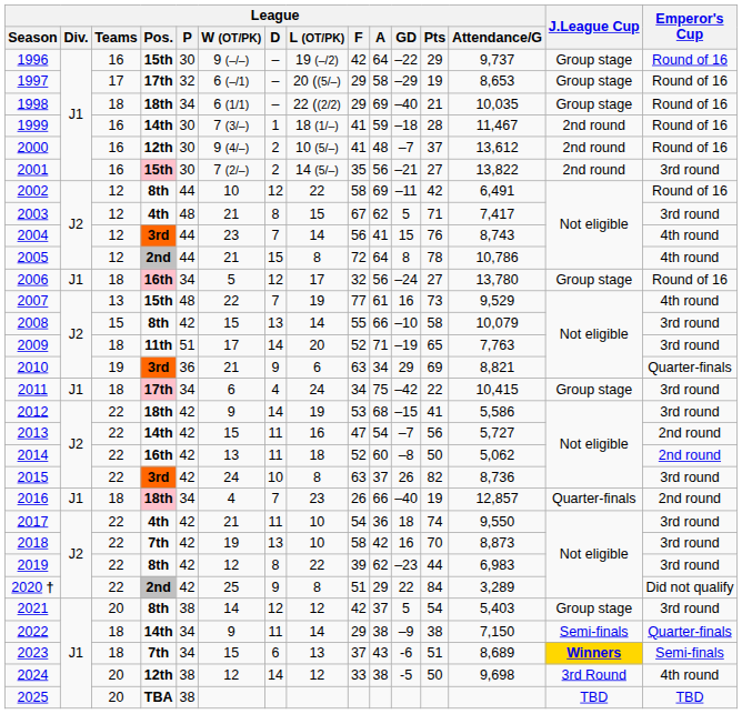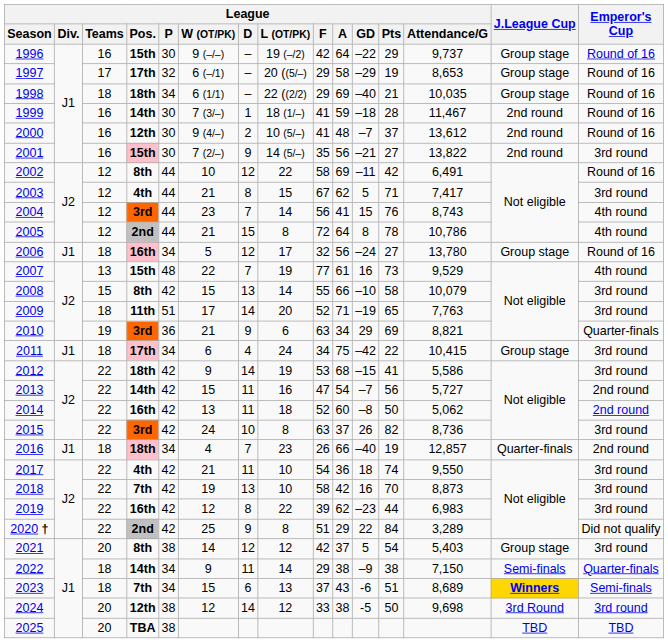 <table class="wikitable" style="text-align:center">
 <tr>
 <th colspan="13">League</th>
 <th rowspan="2"><a href='#'>J.League Cup</a></th>
 <th rowspan="2"><a href='#'>Emperor's<br>Cup</a></th>
 </tr>
 <tr>
 <th>Season</th>
 <th>Div.</th>
 <th>Teams</th>
 <th>Pos.</th>
 <th>P</th>
 <th>W <small>(OT/PK)</small></th>
 <th>D</th>
 <th>L <small>(OT/PK)</small></th>
 <th>F</th>
 <th>A</th>
 <th>GD</th>
 <th>Pts</th>
 <th>Attendance/G</th>
 </tr>
 <tr>
 <td><a href='#'>1996</a></td>
 <td rowspan="6">J1</td>
 <td>16</td>
 <td><strong>15th</strong></td>
 <td>30</td>
 <td>9 <small>(–/–)</small></td>
 <td>–</td>
 <td>19 <small>(–/2)</small></td>
 <td>42</td>
 <td>64</td>
 <td>–22</td>
 <td>29</td>
 <td>9,737</td>
 <td>Group stage</td>
 <td><a href='#'>Round of 16</a></td>
 </tr>
 <tr>
 <td><a href='#'>1997</a></td>
 <td>17</td>
 <td><strong>17th</strong></td>
 <td>32</td>
 <td>6 <small>(–/1)</small></td>
 <td>–</td>
 <td>20 (<small>(5/–)</small></td>
 <td>29</td>
 <td>58</td>
 <td>–29</td>
 <td>19</td>
 <td>8,653</td>
 <td>Group stage</td>
 <td>Round of 16</td>
 </tr>
 <tr>
 <td><a href='#'>1998</a></td>
 <td>18</td>
 <td><strong>18th</strong></td>
 <td>34</td>
 <td>6 <small>(1/1)</small></td>
 <td>–</td>
 <td>22 (<small>(2/2)</small></td>
 <td>29</td>
 <td>69</td>
 <td>–40</td>
 <td>21</td>
 <td>10,035</td>
 <td>Group stage</td>
 <td>Round of 16</td>
 </tr>
 <tr>
 <td><a href='#'>1999</a></td>
 <td>16</td>
 <td><strong>14th</strong></td>
 <td>30</td>
 <td>7 <small>(3/–)</small></td>
 <td>1</td>
 <td>18 <small>(1/–)</small></td>
 <td>41</td>
 <td>59</td>
 <td>–18</td>
 <td>28</td>
 <td>11,467</td>
 <td>2nd round</td>
 <td>Round of 16</td>
 </tr>
 <tr>
 <td><a href='#'>2000</a></td>
 <td>16</td>
 <td><strong>12th</strong></td>
 <td>30</td>
 <td>9 <small>(4/–)</small></td>
 <td>2</td>
 <td>10 <small>(5/–)</small></td>
 <td>41</td>
 <td>48</td>
 <td>–7</td>
 <td>37</td>
 <td>13,612</td>
 <td>2nd round</td>
 <td>Round of 16</td>
 </tr>
 <tr>
 <td><a href='#'>2001</a></td>
 <td>16</td>
 <td bgcolor=pink><strong>15th</strong></td>
 <td>30</td>
 <td>7 <small>(2/–)</small></td>
-<td>2</td>
+<td>9</td>
 <td>14 <small>(5/–)</small></td>
 <td>35</td>
 <td>56</td>
 <td>–21</td>
 <td>27</td>
 <td>13,822</td>
 <td>2nd round</td>
 <td>3rd round</td>
 </tr>
 <tr>
 <td><a href='#'>2002</a></td>
 <td rowspan="4">J2</td>
 <td>12</td>
 <td><strong>8th</strong></td>
 <td>44</td>
 <td>10</td>
 <td>12</td>
 <td>22</td>
 <td>58</td>
 <td>69</td>
 <td>–11</td>
 <td>42</td>
 <td>6,491</td>
 <td rowspan="4">Not eligible</td>
 <td>Round of 16</td>
 </tr>
 <tr>
 <td><a href='#'>2003</a></td>
 <td>12</td>
 <td><strong>4th</strong></td>
-<td>48</td>
+<td>44</td>
 <td>21</td>
 <td>8</td>
 <td>15</td>
 <td>67</td>
 <td>62</td>
 <td>5</td>
 <td>71</td>
 <td>7,417</td>
 <td>3rd round</td>
 </tr>
 <tr>
 <td><a href='#'>2004</a></td>
 <td>12</td>
 <td bgcolor=ff6600><strong>3rd</strong></td>
 <td>44</td>
 <td>23</td>
 <td>7</td>
 <td>14</td>
 <td>56</td>
 <td>41</td>
 <td>15</td>
 <td>76</td>
 <td>8,743</td>
 <td>4th round</td>
 </tr>
 <tr>
 <td><a href='#'>2005</a></td>
 <td>12</td>
 <td bgcolor=silver><strong>2nd</strong></td>
 <td>44</td>
 <td>21</td>
 <td>15</td>
 <td>8</td>
 <td>72</td>
 <td>64</td>
 <td>8</td>
 <td>78</td>
 <td>10,786</td>
 <td>4th round</td>
 </tr>
 <tr>
 <td><a href='#'>2006</a></td>
 <td>J1</td>
 <td>18</td>
 <td bgcolor=pink><strong>16th</strong></td>
 <td>34</td>
 <td>5</td>
 <td>12</td>
 <td>17</td>
 <td>32</td>
 <td>56</td>
 <td>–24</td>
 <td>27</td>
 <td>13,780</td>
 <td>Group stage</td>
 <td>Round of 16</td>
 </tr>
 <tr>
 <td><a href='#'>2007</a></td>
 <td rowspan="4">J2</td>
 <td>13</td>
 <td><strong>15th</strong></td>
 <td>48</td>
 <td>22</td>
 <td>7</td>
 <td>19</td>
 <td>77</td>
 <td>61</td>
 <td>16</td>
 <td>73</td>
 <td>9,529</td>
 <td rowspan="4">Not eligible</td>
 <td>4th round</td>
 </tr>
 <tr>
 <td><a href='#'>2008</a></td>
 <td>15</td>
 <td><strong>8th</strong></td>
 <td>42</td>
 <td>15</td>
 <td>13</td>
 <td>14</td>
 <td>55</td>
 <td>66</td>
 <td>–10</td>
 <td>58</td>
 <td>10,079</td>
 <td>3rd round</td>
 </tr>
 <tr>
 <td><a href='#'>2009</a></td>
 <td>18</td>
 <td><strong>11th</strong></td>
 <td>51</td>
 <td>17</td>
 <td>14</td>
 <td>20</td>
 <td>52</td>
 <td>71</td>
 <td>–19</td>
 <td>65</td>
 <td>7,763</td>
 <td>3rd round</td>
 </tr>
 <tr>
 <td><a href='#'>2010</a></td>
 <td>19</td>
 <td bgcolor=ff6600><strong>3rd</strong></td>
 <td>36</td>
 <td>21</td>
 <td>9</td>
 <td>6</td>
 <td>63</td>
 <td>34</td>
 <td>29</td>
 <td>69</td>
 <td>8,821</td>
 <td>Quarter-finals</td>
 </tr>
 <tr>
 <td><a href='#'>2011</a></td>
 <td>J1</td>
 <td>18</td>
 <td bgcolor=pink><strong>17th</strong></td>
 <td>34</td>
 <td>6</td>
 <td>4</td>
 <td>24</td>
 <td>34</td>
 <td>75</td>
 <td>–42</td>
 <td>22</td>
 <td>10,415</td>
 <td>Group stage</td>
 <td>3rd round</td>
 </tr>
 <tr>
 <td><a href='#'>2012</a></td>
 <td rowspan="4">J2</td>
 <td>22</td>
 <td><strong>18th</strong></td>
 <td>42</td>
 <td>9</td>
 <td>14</td>
 <td>19</td>
 <td>53</td>
 <td>68</td>
 <td>–15</td>
 <td>41</td>
 <td>5,586</td>
 <td rowspan="4">Not eligible</td>
 <td>3rd round</td>
 </tr>
 <tr>
 <td><a href='#'>2013</a></td>
 <td>22</td>
 <td><strong>14th</strong></td>
 <td>42</td>
 <td>15</td>
 <td>11</td>
 <td>16</td>
 <td>47</td>
 <td>54</td>
 <td>–7</td>
 <td>56</td>
 <td>5,727</td>
 <td>2nd round</td>
 </tr>
 <tr>
 <td><a href='#'>2014</a></td>
 <td>22</td>
 <td><strong>16th</strong></td>
 <td>42</td>
 <td>13</td>
 <td>11</td>
 <td>18</td>
 <td>52</td>
 <td>60</td>
 <td>–8</td>
 <td>50</td>
 <td>5,062</td>
 <td><a href='#'>2nd round</a></td>
 </tr>
 <tr>
 <td><a href='#'>2015</a></td>
 <td>22</td>
 <td bgcolor=ff6600><strong>3rd</strong></td>
 <td>42</td>
 <td>24</td>
 <td>10</td>
 <td>8</td>
 <td>63</td>
 <td>37</td>
 <td>26</td>
 <td>82</td>
 <td>8,736</td>
 <td>3rd round</td>
 </tr>
 <tr>
 <td><a href='#'>2016</a></td>
 <td>J1</td>
 <td>18</td>
 <td bgcolor=pink><strong>18th</strong></td>
 <td>34</td>
 <td>4</td>
 <td>7</td>
 <td>23</td>
 <td>26</td>
 <td>66</td>
 <td>–40</td>
 <td>19</td>
 <td>12,857</td>
 <td>Quarter-finals</td>
 <td>2nd round</td>
 </tr>
 <tr>
 <td><a href='#'>2017</a></td>
 <td rowspan="4">J2</td>
 <td>22</td>
 <td><strong>4th</strong></td>
 <td>42</td>
 <td>21</td>
 <td>11</td>
 <td>10</td>
 <td>54</td>
 <td>36</td>
 <td>18</td>
 <td>74</td>
 <td>9,550</td>
 <td rowspan="4">Not eligible</td>
 <td>3rd round</td>
 </tr>
 <tr>
 <td><a href='#'>2018</a></td>
 <td>22</td>
 <td><strong>7th</strong></td>
 <td>42</td>
 <td>19</td>
 <td>13</td>
 <td>10</td>
 <td>58</td>
 <td>42</td>
 <td>16</td>
 <td>70</td>
 <td>8,873</td>
 <td>3rd round</td>
 </tr>
 <tr>
 <td><a href='#'>2019</a></td>
 <td>22</td>
-<td><strong>8th</strong></td>
+<td><strong>16th</strong></td>
 <td>42</td>
 <td>12</td>
 <td>8</td>
 <td>22</td>
 <td>39</td>
 <td>62</td>
 <td>–23</td>
 <td>44</td>
 <td>6,983</td>
 <td>3rd round</td>
 </tr>
 <tr>
 <td><a href='#'>2020</a> <strong>†</strong></td>
 <td>22</td>
 <td bgcolor=silver><strong>2nd</strong></td>
 <td>42</td>
 <td>25</td>
 <td>9</td>
 <td>8</td>
 <td>51</td>
 <td>29</td>
 <td>22</td>
 <td>84</td>
 <td>3,289</td>
 <td>Did not qualify</td>
 </tr>
 <tr>
 <td><a href='#'>2021</a></td>
 <td rowspan="5">J1</td>
 <td>20</td>
 <td><strong>8th</strong></td>
 <td>38</td>
 <td>14</td>
 <td>12</td>
 <td>12</td>
 <td>42</td>
 <td>37</td>
 <td>5</td>
 <td>54</td>
 <td>5,403</td>
 <td>Group stage</td>
 <td>3rd round</td>
 </tr>
 <tr>
 <td><a href='#'>2022</a></td>
 <td>18</td>
 <td><strong>14th</strong></td>
 <td>34</td>
 <td>9</td>
 <td>11</td>
 <td>14</td>
 <td>29</td>
 <td>38</td>
 <td>–9</td>
 <td>38</td>
 <td>7,150</td>
 <td><a href='#'>Semi-finals</a></td>
 <td><a href='#'>Quarter-finals</a></td>
 </tr>
 <tr>
 <td><a href='#'>2023</a></td>
 <td>18</td>
 <td><strong>7th</strong></td>
 <td>34</td>
 <td>15</td>
 <td>6</td>
 <td>13</td>
 <td>37</td>
 <td>43</td>
 <td>-6</td>
 <td>51</td>
 <td>8,689</td>
 <td bgcolor="gold"><a href='#'> <strong>Winners</strong></a></td>
 <td><a href='#'>Semi-finals</a></td>
 </tr>
 <tr>
 <td><a href='#'>2024</a></td>
 <td>20</td>
 <td><strong>12th</strong></td>
 <td>38</td>
 <td>12</td>
 <td>14</td>
 <td>12</td>
 <td>33</td>
 <td>38</td>
 <td>-5</td>
 <td>50</td>
 <td>9,698</td>
 <td><a href='#'>3rd Round</a></td>
-<td>4th round</td>
+<td><a href='#'>3rd round</a></td>
 </tr>
 <tr>
 <td><a href='#'>2025</a></td>
 <td>20</td>
 <td><strong>TBA</strong></td>
 <td>38</td>
 <td></td>
 <td></td>
 <td></td>
 <td></td>
 <td></td>
 <td></td>
 <td></td>
 <td></td>
 <td><a href='#'>TBD</a></td>
 <td><a href='#'>TBD</a></td>
 </tr>
 </table>
